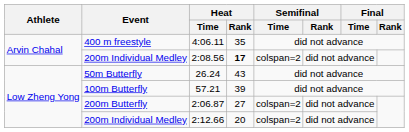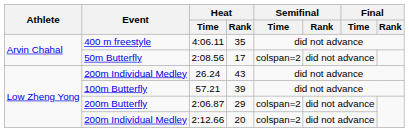 <table class=wikitable style="font-size:90%">
 <tr>
 <th rowspan=2>Athlete</th>
 <th rowspan=2>Event</th>
 <th colspan="2">Heat</th>
 <th colspan="2">Semifinal</th>
 <th colspan="2">Final</th>
 </tr>
 <tr style="font-size:95%">
 <th>Time</th>
 <th>Rank</th>
 <th>Time</th>
 <th>Rank</th>
 <th>Time</th>
 <th>Rank</th>
 </tr>
 <tr align=center>
 <td align=left rowspan=2><a href='#'>Arvin Chahal</a></td>
 <td align=left><a href='#'>400 m freestyle</a></td>
 <td>4:06.11</td>
 <td>35</td>
 <td colspan=4>did not advance</td>
 </tr>
 <tr align=center>
-<td align=left><a href='#'>200m Individual Medley</a></td>
+<td align=left><a href='#'>50m Butterfly</a></td>
 <td>2:08.56</td>
-<td><strong>17</strong></td>
+<td>17</td>
 <td>colspan=2 </td>
 <td colspan=2>did not advance</td>
 </tr>
 <tr align=center>
 <td align=left rowspan=4><a href='#'>Low Zheng Yong</a></td>
-<td align=left><a href='#'>50m Butterfly</a></td>
+<td align=left><a href='#'>200m Individual Medley</a></td>
 <td>26.24</td>
 <td>43</td>
 <td colspan=4>did not advance</td>
 </tr>
 <tr align=center>
 <td align=left><a href='#'>100m Butterfly</a></td>
 <td>57.21</td>
 <td>39</td>
 <td colspan=4>did not advance</td>
 </tr>
 <tr align=center>
 <td align=left><a href='#'>200m Butterfly</a></td>
 <td>2:06.87</td>
-<td>27</td>
+<td>29</td>
 <td>colspan=2 </td>
 <td colspan=2>did not advance</td>
 </tr>
 <tr align=center>
 <td align=left><a href='#'>200m Individual Medley</a></td>
 <td>2:12.66</td>
 <td>20</td>
 <td>colspan=2 </td>
 <td colspan=2>did not advance</td>
 </tr>
 </table>
